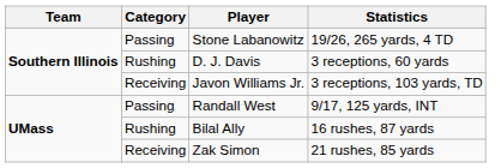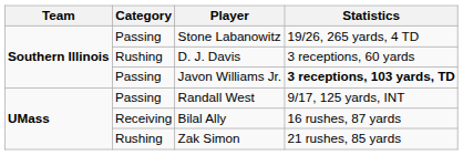 <table class="wikitable" style="float: left;">
 <tr>
 <th>Team</th>
 <th>Category</th>
 <th>Player</th>
 <th>Statistics</th>
 </tr>
 <tr>
 <td rowspan=3><strong>Southern Illinois</strong></td>
 <td>Passing</td>
 <td>Stone Labanowitz</td>
 <td>19/26, 265 yards, 4 TD</td>
 </tr>
 <tr>
 <td>Rushing</td>
 <td>D. J. Davis</td>
 <td>3 receptions, 60 yards</td>
 </tr>
 <tr>
-<td>Receiving</td>
+<td>Passing</td>
 <td>Javon Williams Jr.</td>
-<td>3 receptions, 103 yards, TD</td>
+<td><strong>3 receptions, 103 yards, TD</strong></td>
 </tr>
 <tr>
 <td rowspan=3><strong>UMass</strong></td>
 <td>Passing</td>
 <td>Randall West</td>
 <td>9/17, 125 yards, INT</td>
 </tr>
 <tr>
-<td>Rushing</td>
+<td>Receiving</td>
 <td>Bilal Ally</td>
 <td>16 rushes, 87 yards</td>
 </tr>
 <tr>
-<td>Receiving</td>
+<td>Rushing</td>
 <td>Zak Simon</td>
 <td>21 rushes, 85 yards</td>
 </tr>
 </table>
